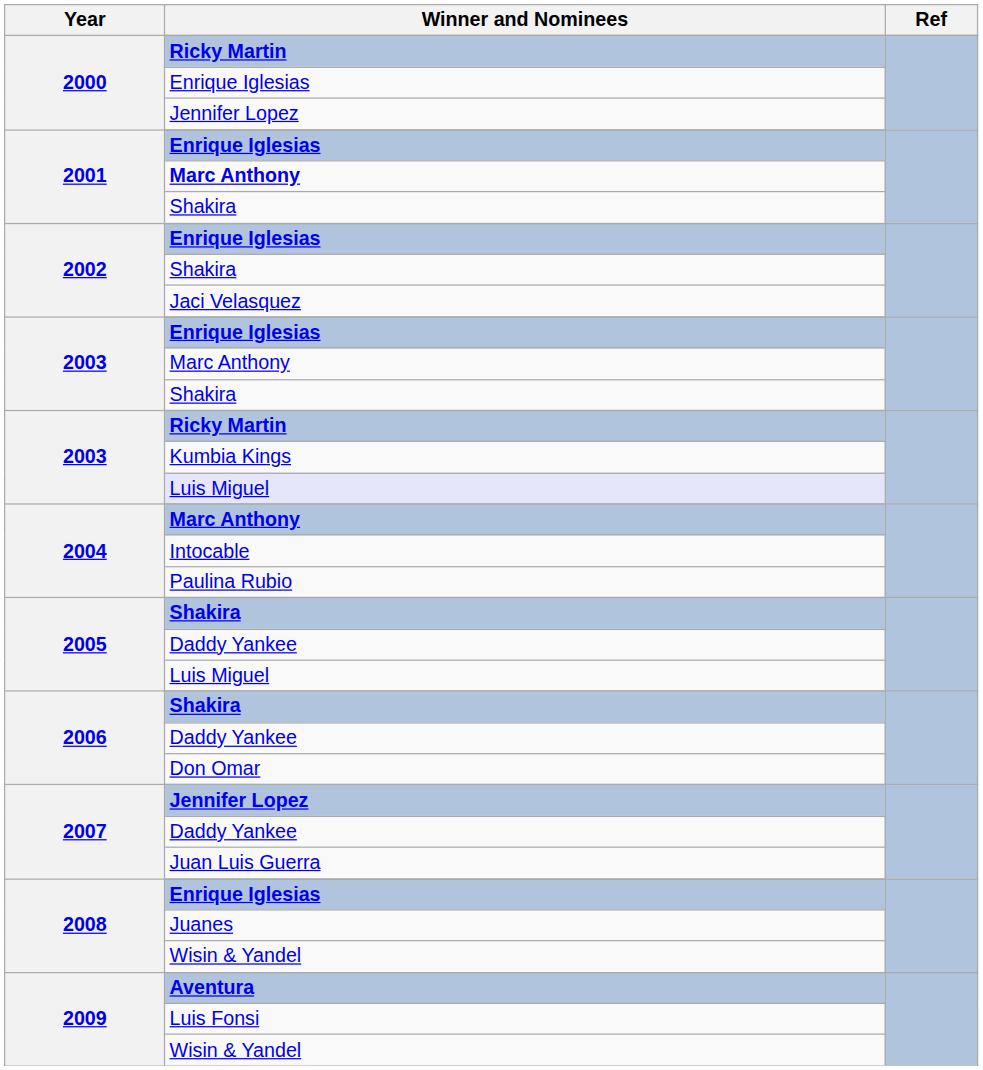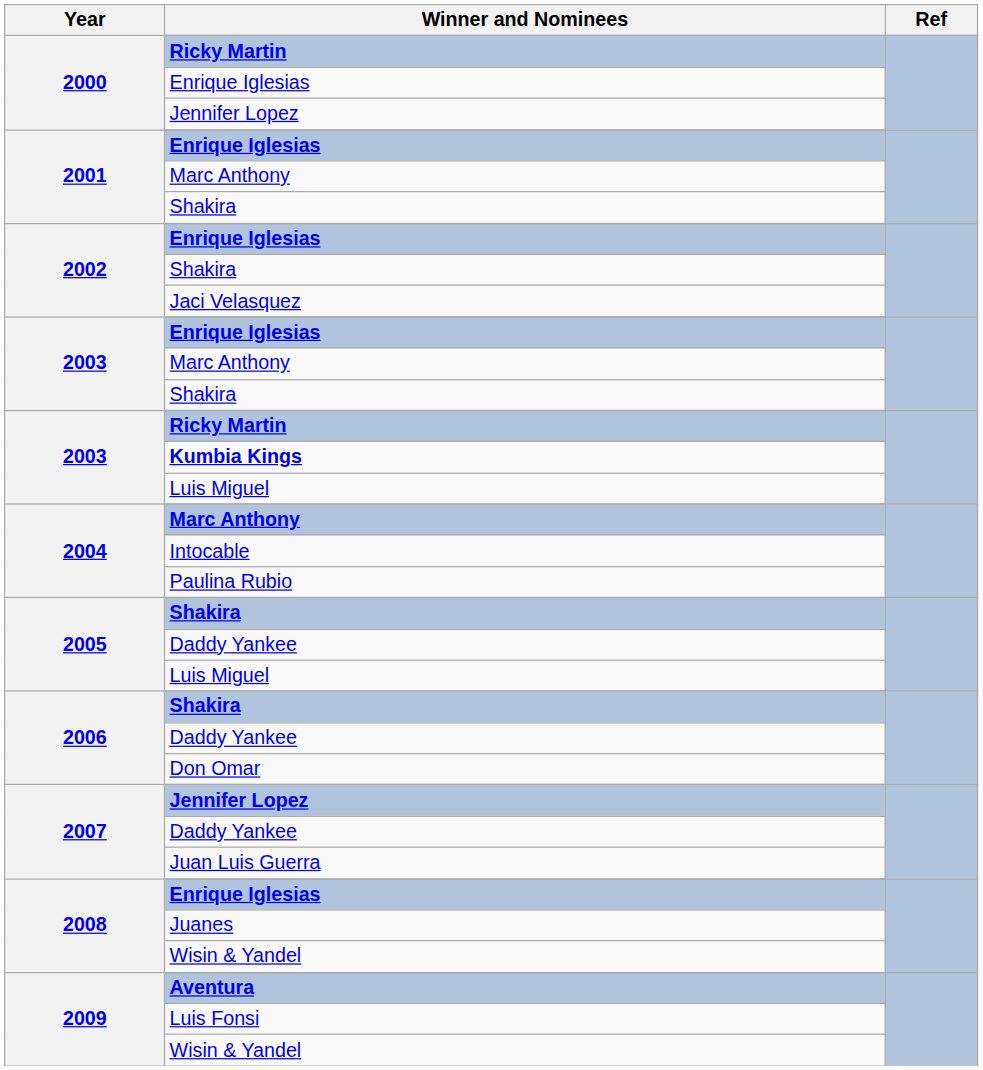 <table class="wikitable" width="50%">
 <tr>
 <th bgcolor="#efefef" width="50px">Year</th>
 <th bgcolor="#efefef" width="250px">Winner and Nominees</th>
 <th bgcolor="#efefef" width="10px" class="unsortable">Ref</th>
 </tr>
 <tr>
 <th rowspan="4" align="center"><a href='#'>2000<br></a></th>
 </tr>
 <tr style="background:#B0C4DE">
 <td><strong><a href='#'>Ricky Martin</a></strong></td>
 <td rowspan="4" align="center"></td>
 </tr>
 <tr>
 <td><a href='#'>Enrique Iglesias</a></td>
 </tr>
 <tr>
 <td><a href='#'>Jennifer Lopez</a></td>
 </tr>
 <tr>
 <th rowspan="4" align="center"><a href='#'>2001<br></a></th>
 </tr>
 <tr style="background:#B0C4DE">
 <td><strong><a href='#'>Enrique Iglesias</a></strong></td>
 <td rowspan="4" align="center"></td>
 </tr>
 <tr>
-<td><strong><a href='#'>Marc Anthony</a></strong></td>
+<td><a href='#'>Marc Anthony</a></td>
 </tr>
 <tr>
 <td><a href='#'>Shakira</a></td>
 </tr>
 <tr>
 <th rowspan="4" align="center"><a href='#'>2002<br></a></th>
 </tr>
 <tr style="background:#B0C4DE">
 <td><strong><a href='#'>Enrique Iglesias</a></strong></td>
 <td rowspan="4" align="center"></td>
 </tr>
 <tr>
 <td><a href='#'>Shakira</a></td>
 </tr>
 <tr>
 <td><a href='#'>Jaci Velasquez</a></td>
 </tr>
 <tr>
 <th rowspan="4" align="center"><a href='#'>2003<br></a></th>
 </tr>
 <tr style="background:#B0C4DE">
 <td><strong><a href='#'>Enrique Iglesias</a></strong></td>
 <td rowspan="4" align="center"></td>
 </tr>
 <tr>
 <td><a href='#'>Marc Anthony</a></td>
 </tr>
 <tr>
 <td><a href='#'>Shakira</a></td>
 </tr>
 <tr>
 <th rowspan="4" align="center"><a href='#'>2003<br></a></th>
 </tr>
 <tr style="background:#B0C4DE">
 <td><strong><a href='#'>Ricky Martin</a></strong></td>
 <td rowspan="4" align="center"></td>
 </tr>
 <tr>
-<td><a href='#'>Kumbia Kings</a></td>
+<td><strong><a href='#'>Kumbia Kings</a></strong></td>
 </tr>
 <tr>
-<td style="background: lavender;"><a href='#'>Luis Miguel</a></td>
+<td><a href='#'>Luis Miguel</a></td>
 </tr>
 <tr>
 <th rowspan="4" align="center"><a href='#'>2004<br></a></th>
 </tr>
 <tr style="background:#B0C4DE">
 <td><strong><a href='#'>Marc Anthony</a></strong></td>
 <td rowspan="4" align="center"></td>
 </tr>
 <tr>
 <td><a href='#'>Intocable</a></td>
 </tr>
 <tr>
 <td><a href='#'>Paulina Rubio</a></td>
 </tr>
 <tr>
 <th rowspan="4" align="center"><a href='#'>2005<br></a></th>
 </tr>
 <tr style="background:#B0C4DE">
 <td><strong><a href='#'>Shakira</a></strong></td>
 <td rowspan="4" align="center"></td>
 </tr>
 <tr>
 <td><a href='#'>Daddy Yankee</a></td>
 </tr>
 <tr>
 <td><a href='#'>Luis Miguel</a></td>
 </tr>
 <tr>
 <th rowspan="4" align="center"><a href='#'>2006<br></a></th>
 </tr>
 <tr style="background:#B0C4DE">
 <td><strong><a href='#'>Shakira</a></strong></td>
 <td rowspan="4" align="center"></td>
 </tr>
 <tr>
 <td><a href='#'>Daddy Yankee</a></td>
 </tr>
 <tr>
 <td><a href='#'>Don Omar</a></td>
 </tr>
 <tr>
 <th rowspan="4" align="center"><a href='#'>2007<br></a></th>
 </tr>
 <tr style="background:#B0C4DE">
 <td><strong><a href='#'>Jennifer Lopez</a></strong></td>
 <td rowspan="4" align="center"></td>
 </tr>
 <tr>
 <td><a href='#'>Daddy Yankee</a></td>
 </tr>
 <tr>
 <td><a href='#'>Juan Luis Guerra</a></td>
 </tr>
 <tr>
 <th rowspan="4" align="center"><a href='#'>2008<br></a></th>
 </tr>
 <tr style="background:#B0C4DE">
 <td><strong><a href='#'>Enrique Iglesias</a></strong></td>
 <td rowspan="4" align="center"></td>
 </tr>
 <tr>
 <td><a href='#'>Juanes</a></td>
 </tr>
 <tr>
 <td><a href='#'>Wisin & Yandel</a></td>
 </tr>
 <tr>
 <th rowspan="4" align="center"><a href='#'>2009<br></a></th>
 </tr>
 <tr style="background:#B0C4DE">
 <td><strong><a href='#'>Aventura</a></strong></td>
 <td rowspan="4" align="center"></td>
 </tr>
 <tr>
 <td><a href='#'>Luis Fonsi</a></td>
 </tr>
 <tr>
 <td><a href='#'>Wisin & Yandel</a></td>
 </tr>
 </table>
